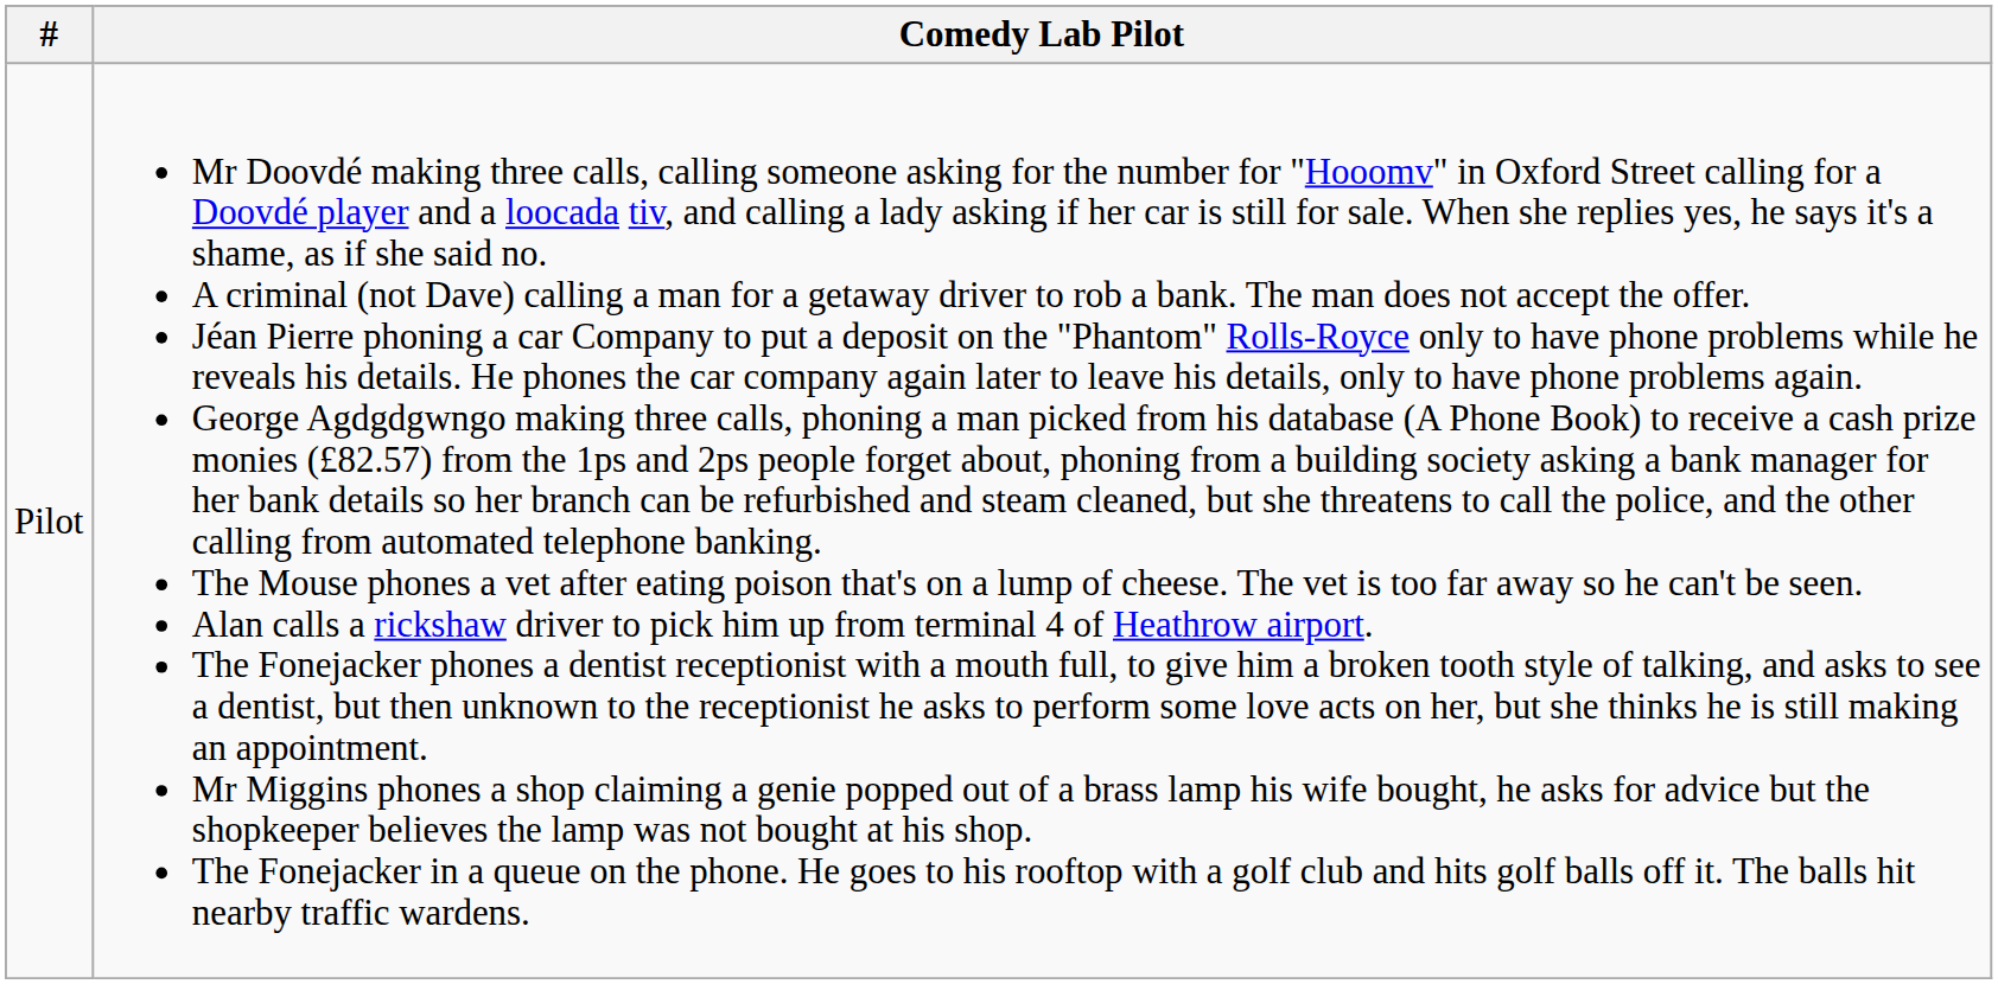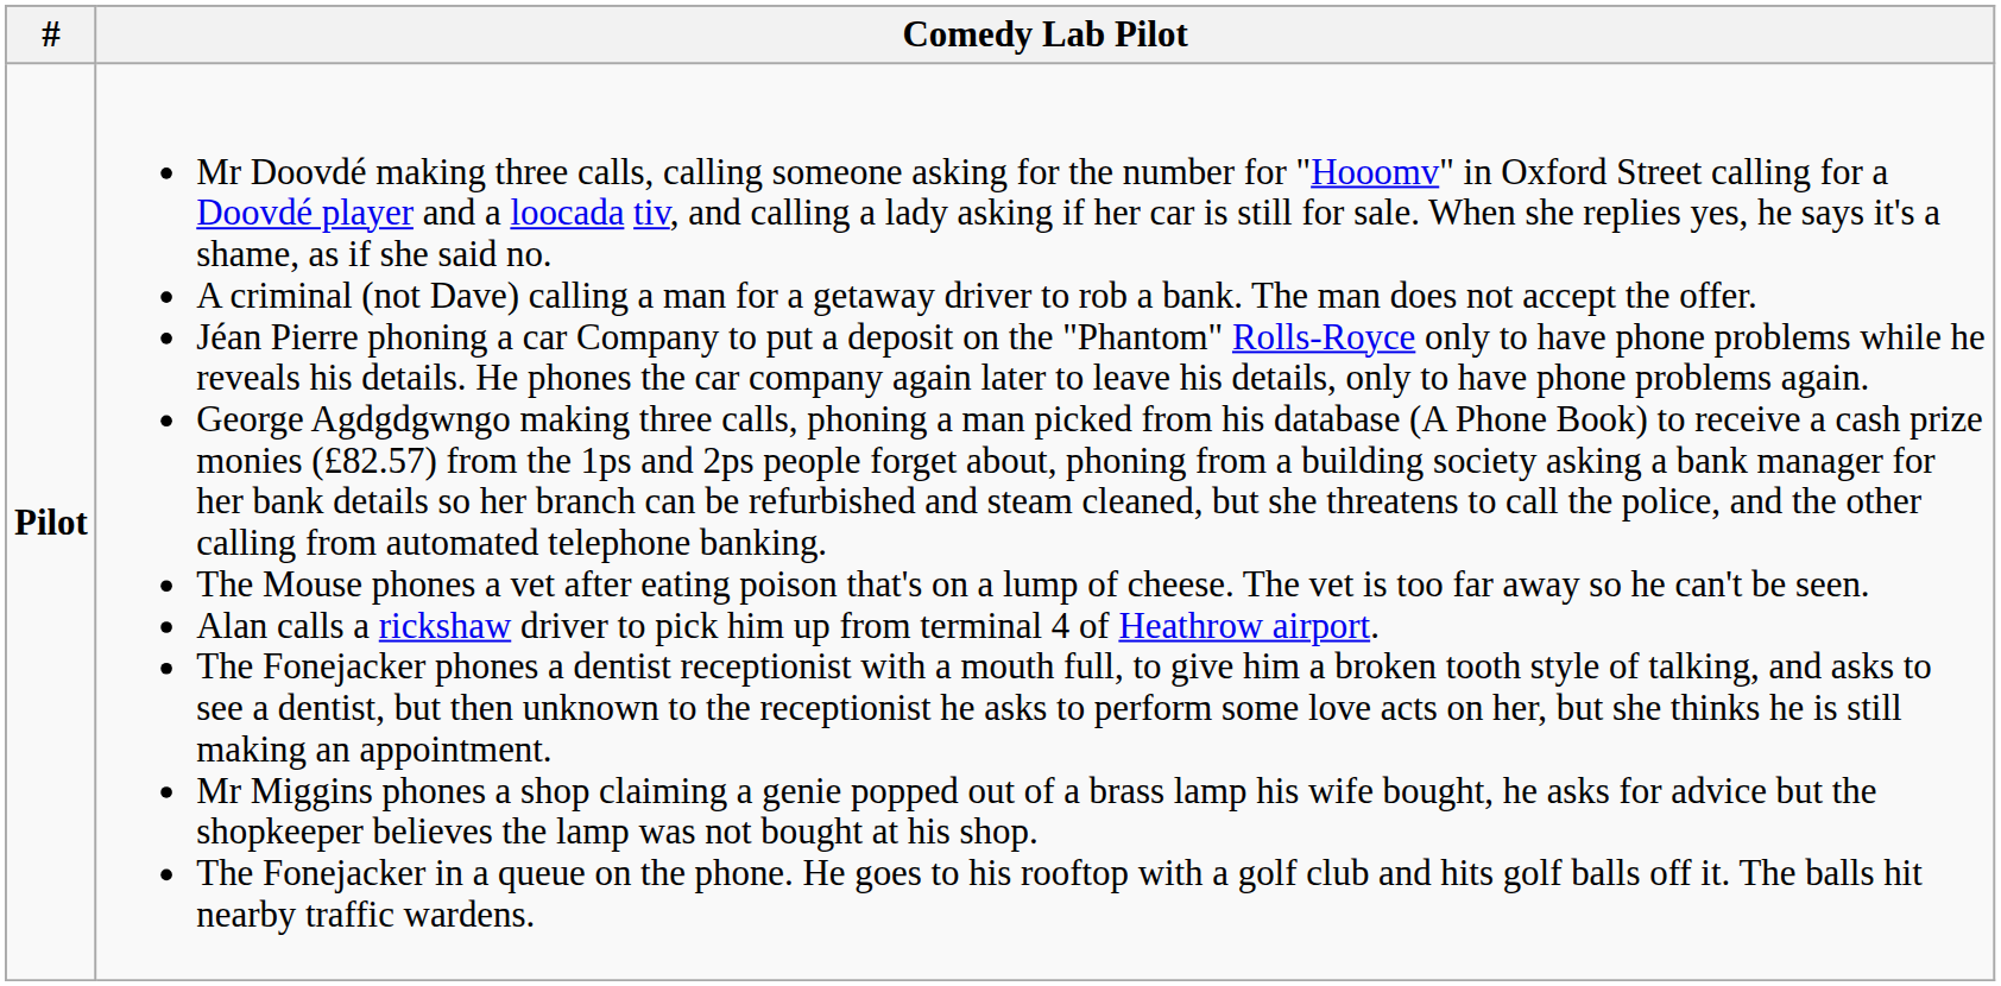 <table class="wikitable">
 <tr>
 <th>#</th>
 <th>Comedy Lab Pilot</th>
 </tr>
 <tr>
-<td>Pilot</td>
+<td><strong>Pilot</strong></td>
 <td><br><ul><li>Mr Doovdé making three calls, calling someone asking for the number for "<a href='#'>Hooomv</a>" in Oxford Street calling for a <a href='#'>Doovdé player</a> and a <a href='#'>loocada</a> <a href='#'>tiv</a>, and calling a lady asking if her car is still for sale. When she replies yes, he says it's a shame, as if she said no.</li><li>A criminal (not Dave) calling a man for a getaway driver to rob a bank. The man does not accept the offer.</li><li>Jéan Pierre phoning a car Company to put a deposit on the "Phantom" <a href='#'>Rolls-Royce</a> only to have phone problems while he reveals his details. He phones the car company again later to leave his details, only to have phone problems again.</li><li>George Agdgdgwngo making three calls, phoning a man picked from his database (A Phone Book) to receive a cash prize monies (£82.57) from the 1ps and 2ps people forget about, phoning from a building society asking a bank manager for her bank details so her branch can be refurbished and steam cleaned, but she threatens to call the police, and the other calling from automated telephone banking.</li><li>The Mouse phones a vet after eating poison that's on a lump of cheese. The vet is too far away so he can't be seen.</li><li>Alan calls a <a href='#'>rickshaw</a> driver to pick him up from terminal 4 of <a href='#'>Heathrow airport</a>.</li><li>The Fonejacker phones a dentist receptionist with a mouth full, to give him a broken tooth style of talking, and asks to see a dentist, but then unknown to the receptionist he asks to perform some love acts on her, but she thinks he is still making an appointment.</li><li>Mr Miggins phones a shop claiming a genie popped out of a brass lamp his wife bought, he asks for advice but the shopkeeper believes the lamp was not bought at his shop.</li><li>The Fonejacker in a queue on the phone. He goes to his rooftop with a golf club and hits golf balls off it. The balls hit nearby traffic wardens.</li></ul></td>
 </tr>
 </table>
